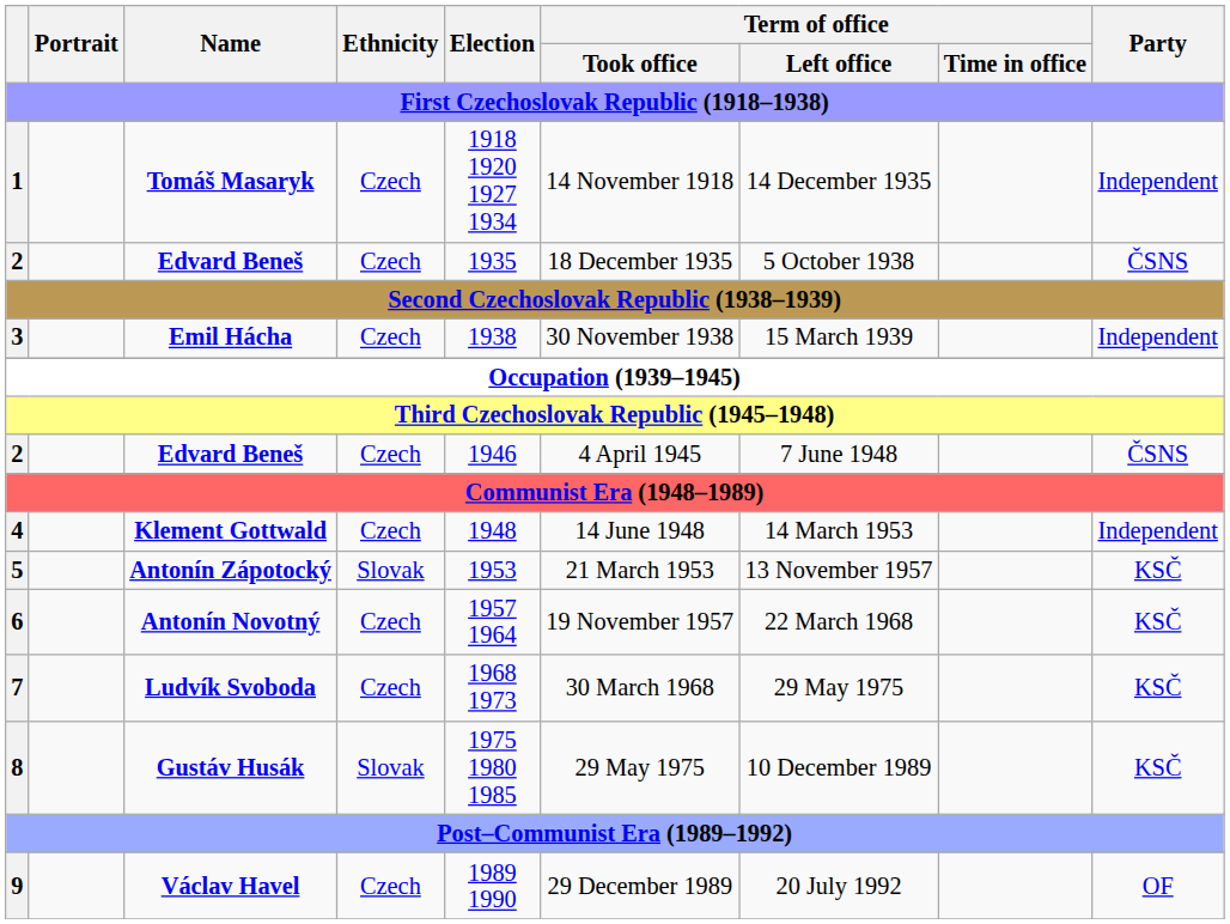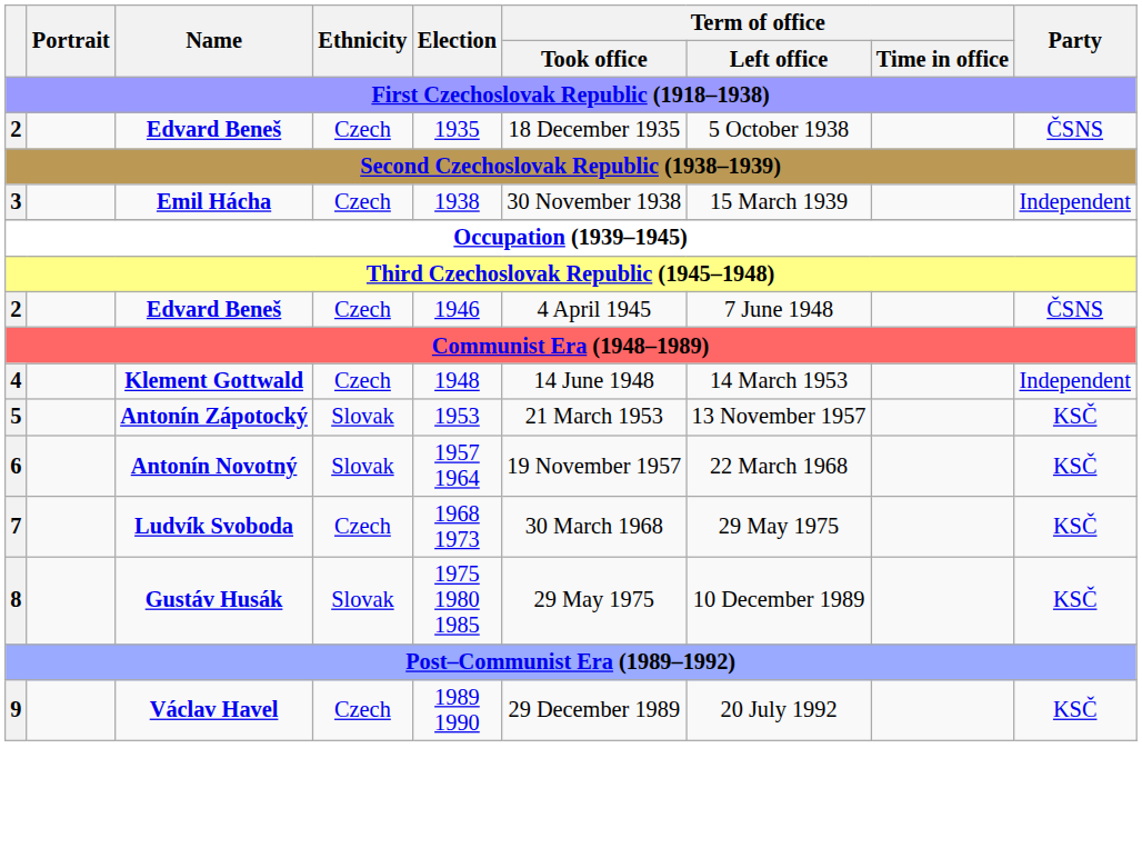 <table class="wikitable" style="text-align:center">
 <tr>
 <th rowspan="2"></th>
 <th rowspan="2">Portrait</th>
 <th rowspan="2">Name</th>
 <th rowspan="2">Ethnicity</th>
 <th rowspan="2">Election</th>
 <th colspan="3">Term of office</th>
 <th rowspan="2">Party</th>
 </tr>
 <tr>
 <th>Took office</th>
 <th>Left office</th>
 <th>Time in office</th>
 </tr>
 <tr>
 <td colspan="9" style="background:#9999FF;"><strong><a href='#'>First Czechoslovak Republic</a> (1918–1938)</strong></td>
-</tr>
-<tr>
-<th style="background:">1</th>
-<td></td>
-<td><strong><a href='#'>Tomáš Masaryk</a></strong><br></td>
-<td><a href='#'>Czech</a></td>
-<td><a href='#'>1918</a><br><a href='#'>1920</a><br><a href='#'>1927</a><br><a href='#'>1934</a></td>
-<td>14 November 1918</td>
-<td>14 December 1935</td>
-<td></td>
-<td><a href='#'>Independent</a></td>
 </tr>
 <tr>
 <th style="background:">2</th>
 <td></td>
 <td><strong><a href='#'>Edvard Beneš</a></strong><br></td>
 <td><a href='#'>Czech</a></td>
 <td><a href='#'>1935</a></td>
 <td>18 December 1935</td>
 <td>5 October 1938</td>
 <td></td>
 <td><a href='#'>ČSNS</a></td>
 </tr>
 <tr>
 <td colspan="9" style="background:#BB9955;"><strong><a href='#'>Second Czechoslovak Republic</a> (1938–1939)</strong></td>
 </tr>
 <tr>
 <th style="background:">3</th>
 <td></td>
 <td><strong><a href='#'>Emil Hácha</a></strong><br></td>
 <td><a href='#'>Czech</a></td>
 <td><a href='#'>1938</a></td>
 <td>30 November 1938</td>
 <td>15 March 1939</td>
 <td></td>
 <td><a href='#'>Independent</a></td>
 </tr>
 <tr style="background:#FFEEEE;">
 </tr>
 <tr>
 <td colspan="9" style="background:#FFFFFF;"><strong><a href='#'>Occupation</a> (1939–1945)</strong><br></td>
 </tr>
 <tr>
 <td colspan="9" style="background:#FFFF88;"><strong><a href='#'>Third Czechoslovak Republic</a> (1945–1948)</strong></td>
 </tr>
 <tr>
 <th style="background:">2</th>
 <td></td>
 <td><strong><a href='#'>Edvard Beneš</a></strong><br></td>
 <td><a href='#'>Czech</a></td>
 <td><a href='#'>1946</a></td>
 <td>4 April 1945</td>
 <td>7 June 1948</td>
 <td></td>
 <td><a href='#'>ČSNS</a></td>
 </tr>
 <tr>
 <td colspan="9" style="background:#FF6666;"><strong><a href='#'>Communist Era</a> (1948–1989)</strong><br></td>
 </tr>
 <tr>
 <th style="background:">4</th>
 <td></td>
 <td><strong><a href='#'>Klement Gottwald</a></strong><br></td>
 <td><a href='#'>Czech</a></td>
 <td><a href='#'>1948</a></td>
 <td>14 June 1948</td>
 <td>14 March 1953</td>
 <td></td>
 <td><a href='#'>Independent</a></td>
 </tr>
 <tr>
 <th style="background:">5</th>
 <td></td>
 <td><strong><a href='#'>Antonín Zápotocký</a></strong><br></td>
 <td><a href='#'>Slovak</a></td>
 <td><a href='#'>1953</a></td>
 <td>21 March 1953</td>
 <td>13 November 1957</td>
 <td></td>
 <td><a href='#'>KSČ</a></td>
 </tr>
 <tr>
 <th style="background:">6</th>
 <td></td>
 <td><strong><a href='#'>Antonín Novotný</a></strong><br></td>
-<td><a href='#'>Czech</a></td>
+<td><a href='#'>Slovak</a></td>
 <td><a href='#'>1957</a><br><a href='#'>1964</a></td>
 <td>19 November 1957</td>
 <td>22 March 1968</td>
 <td></td>
 <td><a href='#'>KSČ</a></td>
 </tr>
 <tr>
 <th style="background:">7</th>
 <td></td>
 <td><strong><a href='#'>Ludvík Svoboda</a></strong><br></td>
 <td><a href='#'>Czech</a></td>
 <td><a href='#'>1968</a><br><a href='#'>1973</a></td>
 <td>30 March 1968</td>
 <td>29 May 1975</td>
 <td></td>
 <td><a href='#'>KSČ</a></td>
 </tr>
 <tr>
 <th style="background:">8</th>
 <td></td>
 <td><strong><a href='#'>Gustáv Husák</a></strong><br></td>
 <td><a href='#'>Slovak</a></td>
 <td><a href='#'>1975</a><br><a href='#'>1980</a><br><a href='#'>1985</a></td>
 <td>29 May 1975</td>
 <td>10 December 1989</td>
 <td></td>
 <td><a href='#'>KSČ</a></td>
 </tr>
 <tr>
 <td colspan="9" style="background:#99AAFF;"><strong><a href='#'>Post–Communist Era</a> (1989–1992)</strong><br></td>
 </tr>
 <tr>
 <th style="background:">9</th>
 <td></td>
 <td><strong><a href='#'>Václav Havel</a></strong><br></td>
 <td><a href='#'>Czech</a></td>
 <td><a href='#'>1989</a><br><a href='#'>1990</a></td>
 <td>29 December 1989</td>
 <td>20 July 1992</td>
 <td></td>
-<td><a href='#'>OF</a></td>
+<td><a href='#'>KSČ</a></td>
 </tr>
 </table>
